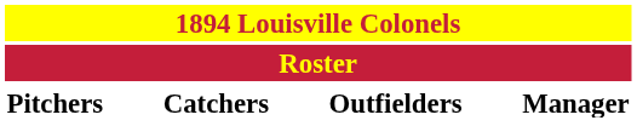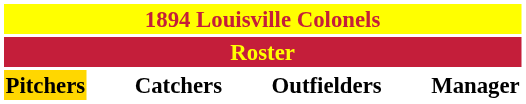 <table class="toccolours" style="font-size: 95%;">
 <tr>
 <th colspan="10" style="background-color: #FFFF00; color: #C41E3A; text-align: center;">1894 Louisville Colonels</th>
 </tr>
 <tr>
 <td colspan="10" style="background-color: #C41E3A; color: yellow; text-align: center;"><strong>Roster</strong></td>
 </tr>
 <tr>
-<td valign="top"><strong>Pitchers</strong><br>        </td>
+<td valign="top" style="background: gold;"><strong>Pitchers</strong><br>        </td>
 <td width="25px"></td>
 <td valign="top"><strong>Catchers</strong><br>           </td>
 <td width="25px"></td>
 <td valign="top"><strong>Outfielders</strong><br>      </td>
 <td width="25px"></td>
 <td valign="top"><strong>Manager</strong><br></td>
 </tr>
 </table>
